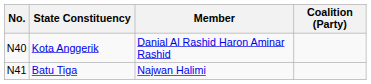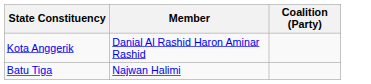 <table class="wikitable">
 <tr>
-<th width="30">No.</th>
 <th width="150">State Constituency</th>
 <th width="230">Member</th>
 <th width="100">Coalition (Party)</th>
 </tr>
 <tr>
-<td>N40</td>
 <td><a href='#'>Kota Anggerik</a></td>
 <td><a href='#'>Danial Al Rashid Haron Aminar Rashid</a></td>
 <td></td>
 </tr>
 <tr>
-<td>N41</td>
 <td><a href='#'>Batu Tiga</a></td>
 <td><a href='#'>Najwan Halimi</a></td>
 <td></td>
 </tr>
 </table>
